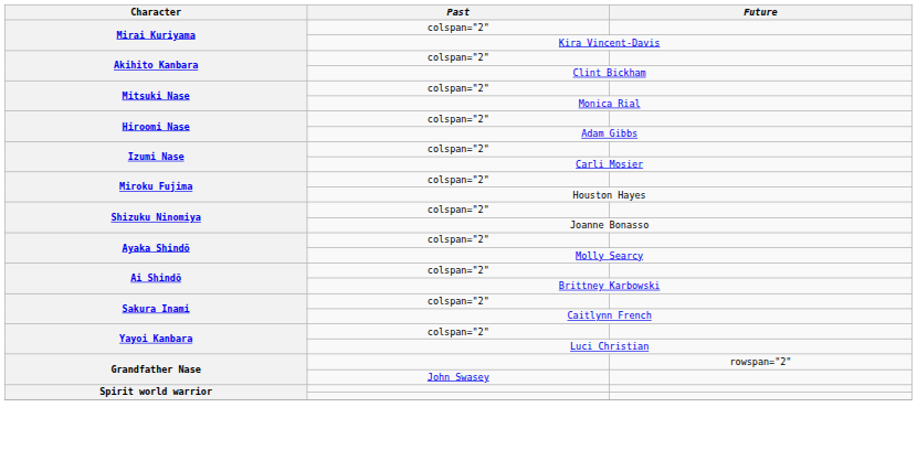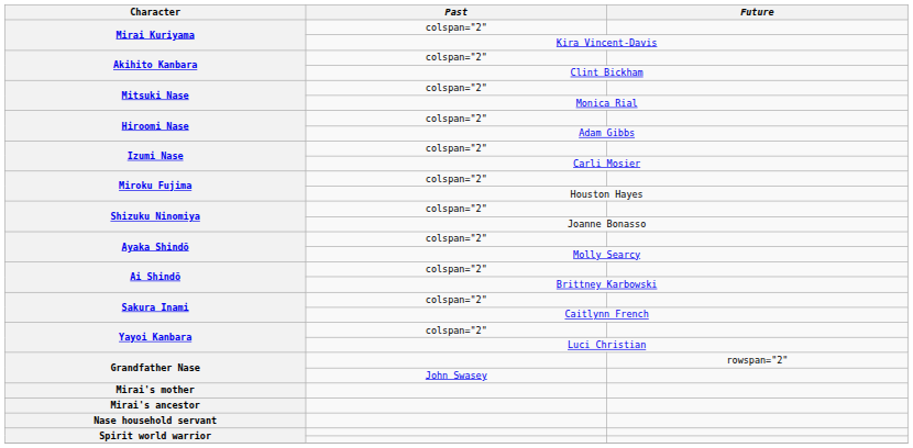 <table class="wikitable" style="text-align:center; width:100%;">
 <tr>
 <th style="width:25%;">Character</th>
 <th style="width:25%;"><em>Past</em></th>
 <th style="width:25%;"><em>Future</em></th>
 </tr>
 <tr>
 <th rowspan="2"><a href='#'>Mirai Kuriyama</a></th>
 <td>colspan="2" </td>
 </tr>
 <tr>
 <td colspan="2"><a href='#'>Kira Vincent-Davis</a></td>
 </tr>
 <tr>
 <th rowspan="2"><a href='#'>Akihito Kanbara</a></th>
 <td>colspan="2" </td>
 </tr>
 <tr>
 <td colspan="2"><a href='#'>Clint Bickham</a></td>
 </tr>
 <tr>
 <th rowspan="2"><a href='#'>Mitsuki Nase</a></th>
 <td>colspan="2" </td>
 </tr>
 <tr>
 <td colspan="2"><a href='#'>Monica Rial</a></td>
 </tr>
 <tr>
 <th rowspan="2"><a href='#'>Hiroomi Nase</a></th>
 <td>colspan="2" </td>
 </tr>
 <tr>
 <td colspan="2"><a href='#'>Adam Gibbs</a></td>
 </tr>
 <tr>
 <th rowspan="2"><a href='#'>Izumi Nase</a></th>
 <td>colspan="2" </td>
 </tr>
 <tr>
 <td colspan="2"><a href='#'>Carli Mosier</a></td>
 </tr>
 <tr>
 <th rowspan="2"><a href='#'>Miroku Fujima</a></th>
 <td>colspan="2" </td>
 </tr>
 <tr>
 <td colspan="2">Houston Hayes</td>
 </tr>
 <tr>
 <th rowspan="2"><a href='#'>Shizuku Ninomiya</a></th>
 <td>colspan="2" </td>
 </tr>
 <tr>
 <td colspan="2">Joanne Bonasso</td>
 </tr>
 <tr>
 <th rowspan="2"><a href='#'>Ayaka Shindō</a></th>
 <td>colspan="2" </td>
 </tr>
 <tr>
 <td colspan="2"><a href='#'>Molly Searcy</a></td>
 </tr>
 <tr>
 <th rowspan="2"><a href='#'>Ai Shindō</a></th>
 <td>colspan="2" </td>
 </tr>
 <tr>
 <td colspan="2"><a href='#'>Brittney Karbowski</a></td>
 </tr>
 <tr>
 <th rowspan="2"><a href='#'>Sakura Inami</a></th>
 <td>colspan="2" </td>
 </tr>
 <tr>
 <td colspan="2"><a href='#'>Caitlynn French</a></td>
 </tr>
 <tr>
 <th rowspan="2"><a href='#'>Yayoi Kanbara</a></th>
 <td>colspan="2" </td>
 </tr>
 <tr>
 <td colspan="2"><a href='#'>Luci Christian</a></td>
 </tr>
 <tr>
 <th rowspan="2">Grandfather Nase</th>
 <td></td>
 <td>rowspan="2" </td>
 </tr>
 <tr>
 <td><a href='#'>John Swasey</a></td>
 </tr>
 <tr>
+<th>Mirai's mother</th>
+<td></td>
+<td></td>
+</tr>
+<tr>
+<th>Mirai's ancestor</th>
+<td></td>
+<td></td>
+</tr>
+<tr>
+<th>Nase household servant</th>
+<td></td>
+<td></td>
+</tr>
+<tr>
 <th rowspan="2">Spirit world warrior</th>
 <td></td>
 <td></td>
 </tr>
 <tr>
 <td></td>
 <td></td>
 </tr>
 <tr>
 </tr>
 </table>
